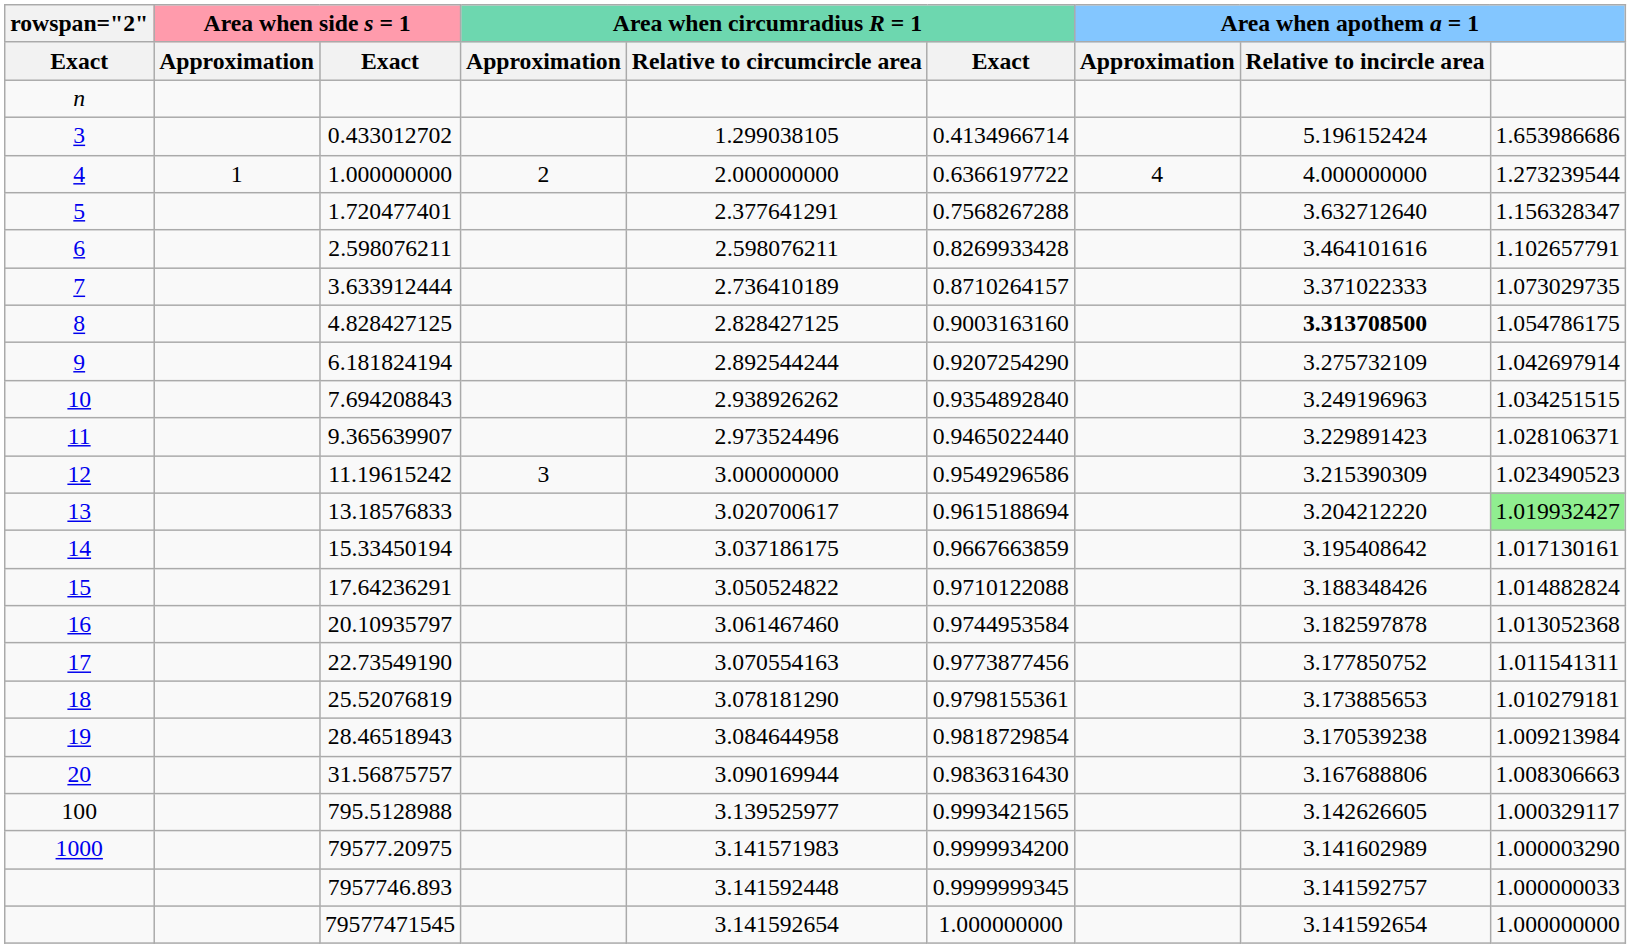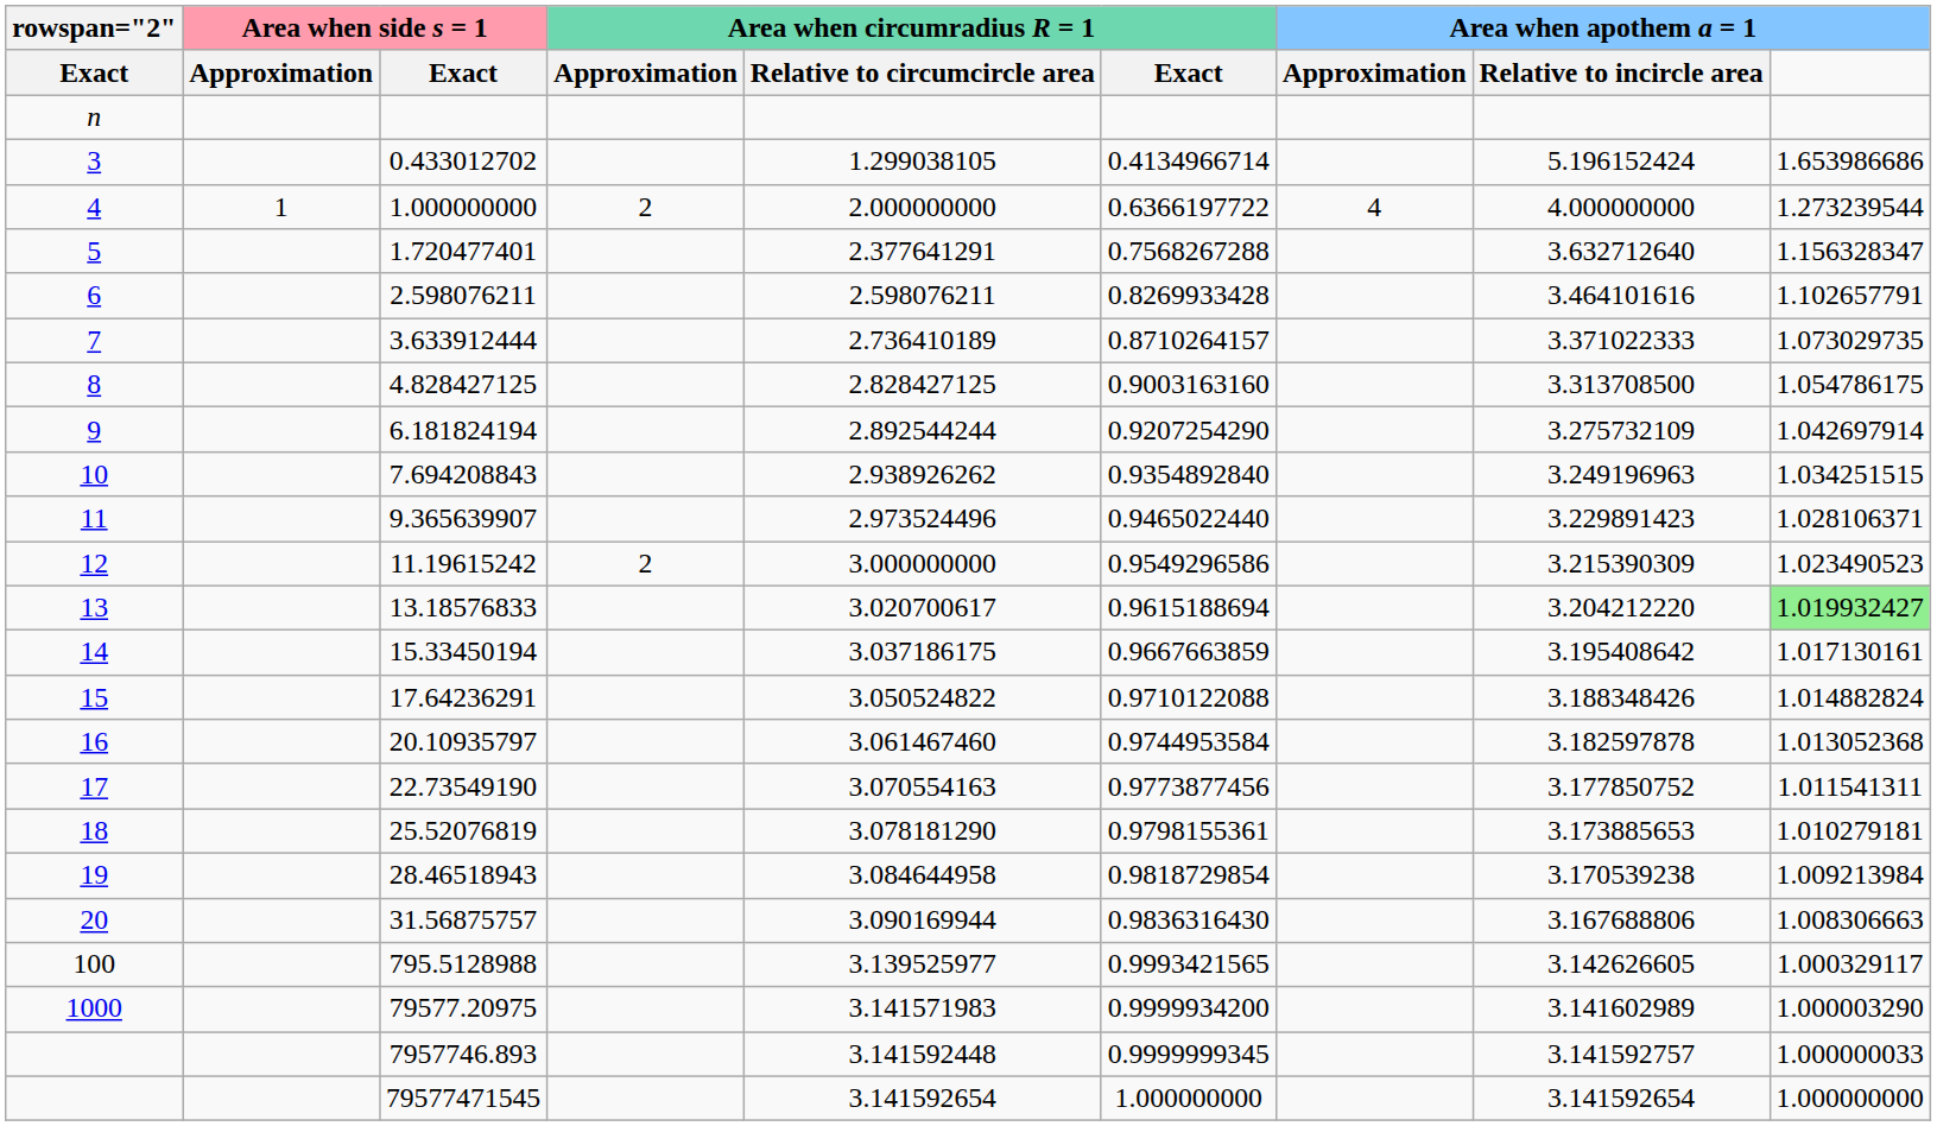 <table class=wikitable style="text-align:center;">
 <tr>
 <th>rowspan="2" </th>
 <th style="background:#ff9bac" colspan="2">Area when side <em>s</em> = 1</th>
 <th style="background:#6dd7af" colspan="3">Area when circumradius <em>R</em> = 1</th>
 <th style="background:#83c6ff" colspan="3">Area when apothem <em>a</em> = 1</th>
 </tr>
 <tr>
 <th>Exact</th>
 <th>Approximation</th>
 <th>Exact</th>
 <th>Approximation</th>
 <th>Relative to circumcircle area</th>
 <th>Exact</th>
 <th>Approximation</th>
 <th>Relative to incircle area</th>
 </tr>
 <tr>
 <td><em>n</em></td>
 <td></td>
 <td></td>
 <td></td>
 <td></td>
 <td></td>
 <td></td>
 <td></td>
 <td></td>
 </tr>
 <tr>
 <td><a href='#'>3</a></td>
 <td></td>
 <td>0.433012702</td>
 <td></td>
 <td>1.299038105</td>
 <td>0.4134966714</td>
 <td></td>
 <td>5.196152424</td>
 <td>1.653986686</td>
 </tr>
 <tr>
 <td><a href='#'>4</a></td>
 <td>1</td>
 <td>1.000000000</td>
 <td>2</td>
 <td>2.000000000</td>
 <td>0.6366197722</td>
 <td>4</td>
 <td>4.000000000</td>
 <td>1.273239544</td>
 </tr>
 <tr>
 <td><a href='#'>5</a></td>
 <td></td>
 <td>1.720477401</td>
 <td></td>
 <td>2.377641291</td>
 <td>0.7568267288</td>
 <td></td>
 <td>3.632712640</td>
 <td>1.156328347</td>
 </tr>
 <tr>
 <td><a href='#'>6</a></td>
 <td></td>
 <td>2.598076211</td>
 <td></td>
 <td>2.598076211</td>
 <td>0.8269933428</td>
 <td></td>
 <td>3.464101616</td>
 <td>1.102657791</td>
 </tr>
 <tr>
 <td><a href='#'>7</a></td>
 <td></td>
 <td>3.633912444</td>
 <td></td>
 <td>2.736410189</td>
 <td>0.8710264157</td>
 <td></td>
 <td>3.371022333</td>
 <td>1.073029735</td>
 </tr>
 <tr>
 <td><a href='#'>8</a></td>
 <td></td>
 <td>4.828427125</td>
 <td></td>
 <td>2.828427125</td>
 <td>0.9003163160</td>
 <td></td>
-<td><strong>3.313708500</strong></td>
+<td>3.313708500</td>
 <td>1.054786175</td>
 </tr>
 <tr>
 <td><a href='#'>9</a></td>
 <td></td>
 <td>6.181824194</td>
 <td></td>
 <td>2.892544244</td>
 <td>0.9207254290</td>
 <td></td>
 <td>3.275732109</td>
 <td>1.042697914</td>
 </tr>
 <tr>
 <td><a href='#'>10</a></td>
 <td></td>
 <td>7.694208843</td>
 <td></td>
 <td>2.938926262</td>
 <td>0.9354892840</td>
 <td></td>
 <td>3.249196963</td>
 <td>1.034251515</td>
 </tr>
 <tr>
 <td><a href='#'>11</a></td>
 <td></td>
 <td>9.365639907</td>
 <td></td>
 <td>2.973524496</td>
 <td>0.9465022440</td>
 <td></td>
 <td>3.229891423</td>
 <td>1.028106371</td>
 </tr>
 <tr>
 <td><a href='#'>12</a></td>
 <td></td>
 <td>11.19615242</td>
-<td>3</td>
+<td>2</td>
 <td>3.000000000</td>
 <td>0.9549296586</td>
 <td></td>
 <td>3.215390309</td>
 <td>1.023490523</td>
 </tr>
 <tr>
 <td><a href='#'>13</a></td>
 <td></td>
 <td>13.18576833</td>
 <td></td>
 <td>3.020700617</td>
 <td>0.9615188694</td>
 <td></td>
 <td>3.204212220</td>
 <td style="background: lightgreen;">1.019932427</td>
 </tr>
 <tr>
 <td><a href='#'>14</a></td>
 <td></td>
 <td>15.33450194</td>
 <td></td>
 <td>3.037186175</td>
 <td>0.9667663859</td>
 <td></td>
 <td>3.195408642</td>
 <td>1.017130161</td>
 </tr>
 <tr>
 <td><a href='#'>15</a></td>
 <td></td>
 <td>17.64236291</td>
 <td></td>
 <td>3.050524822</td>
 <td>0.9710122088</td>
 <td></td>
 <td>3.188348426</td>
 <td>1.014882824</td>
 </tr>
 <tr>
 <td><a href='#'>16</a></td>
 <td></td>
 <td>20.10935797</td>
 <td></td>
 <td>3.061467460</td>
 <td>0.9744953584</td>
 <td></td>
 <td>3.182597878</td>
 <td>1.013052368</td>
 </tr>
 <tr>
 <td><a href='#'>17</a></td>
 <td></td>
 <td>22.73549190</td>
 <td></td>
 <td>3.070554163</td>
 <td>0.9773877456</td>
 <td></td>
 <td>3.177850752</td>
 <td>1.011541311</td>
 </tr>
 <tr>
 <td><a href='#'>18</a></td>
 <td></td>
 <td>25.52076819</td>
 <td></td>
 <td>3.078181290</td>
 <td>0.9798155361</td>
 <td></td>
 <td>3.173885653</td>
 <td>1.010279181</td>
 </tr>
 <tr>
 <td><a href='#'>19</a></td>
 <td></td>
 <td>28.46518943</td>
 <td></td>
 <td>3.084644958</td>
 <td>0.9818729854</td>
 <td></td>
 <td>3.170539238</td>
 <td>1.009213984</td>
 </tr>
 <tr>
 <td><a href='#'>20</a></td>
 <td></td>
 <td>31.56875757</td>
 <td></td>
 <td>3.090169944</td>
 <td>0.9836316430</td>
 <td></td>
 <td>3.167688806</td>
 <td>1.008306663</td>
 </tr>
 <tr>
 <td>100</td>
 <td></td>
 <td>795.5128988</td>
 <td></td>
 <td>3.139525977</td>
 <td>0.9993421565</td>
 <td></td>
 <td>3.142626605</td>
 <td>1.000329117</td>
 </tr>
 <tr>
 <td><a href='#'>1000</a></td>
 <td></td>
 <td>79577.20975</td>
 <td></td>
 <td>3.141571983</td>
 <td>0.9999934200</td>
 <td></td>
 <td>3.141602989</td>
 <td>1.000003290</td>
 </tr>
 <tr>
 <td><a href='#'></a></td>
 <td></td>
 <td>7957746.893</td>
 <td></td>
 <td>3.141592448</td>
 <td>0.9999999345</td>
 <td></td>
 <td>3.141592757</td>
 <td>1.000000033</td>
 </tr>
 <tr>
 <td><a href='#'></a></td>
 <td></td>
 <td>79577471545</td>
 <td></td>
 <td>3.141592654</td>
 <td>1.000000000</td>
 <td></td>
 <td>3.141592654</td>
 <td>1.000000000</td>
 </tr>
 </table>
